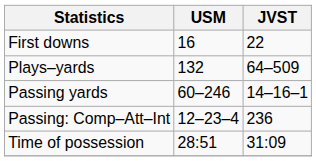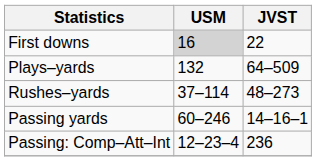 <table class="wikitable" style="float: left;">
 <tr>
 <th>Statistics</th>
 <th>USM</th>
 <th>JVST</th>
 </tr>
 <tr>
 <td>First downs</td>
-<td>16</td>
+<td style="background: lightgrey;">16</td>
 <td>22</td>
 </tr>
 <tr>
 <td>Plays–yards</td>
 <td>132</td>
 <td>64–509</td>
+</tr>
+<tr>
+<td>Rushes–yards</td>
+<td>37–114</td>
+<td>48–273</td>
 </tr>
 <tr>
 <td>Passing yards</td>
 <td>60–246</td>
 <td>14–16–1</td>
 </tr>
 <tr>
 <td>Passing: Comp–Att–Int</td>
 <td>12–23–4</td>
 <td>236</td>
 </tr>
 <tr>
-<td>Time of possession</td>
-<td>28:51</td>
-<td>31:09</td>
-</tr>
-<tr>
 </tr>
 </table>
